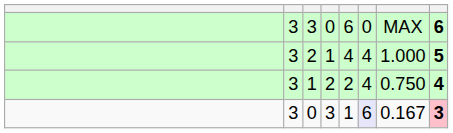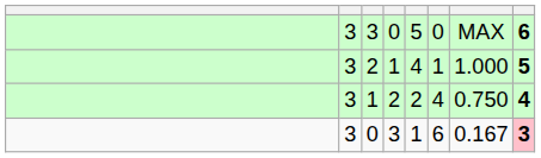 <table class="wikitable" style="text-align:center">
 <tr>
 <th width=240></th>
 <th width=5></th>
 <th width=5></th>
 <th width=5></th>
 <th width=5></th>
 <th width=5></th>
 <th width=5></th>
 <th width=5></th>
 </tr>
 <tr style="background-color:#ccffcc;">
 <td style="text-align:left;"></td>
 <td>3</td>
 <td>3</td>
 <td>0</td>
-<td>6</td>
+<td>5</td>
 <td>0</td>
 <td>MAX</td>
 <td><strong>6</strong></td>
 </tr>
 <tr style="background-color:#ccffcc;">
 <td style="text-align:left;"></td>
 <td>3</td>
 <td>2</td>
 <td>1</td>
 <td>4</td>
-<td>4</td>
+<td>1</td>
 <td>1.000</td>
 <td><strong>5</strong></td>
 </tr>
 <tr style="background-color:#ccffcc;">
 <td style="text-align:left;"></td>
 <td>3</td>
 <td>1</td>
 <td>2</td>
 <td>2</td>
 <td>4</td>
 <td>0.750</td>
 <td><strong>4</strong></td>
 </tr>
 <tr>
 <td style="text-align:left;"></td>
 <td>3</td>
 <td>0</td>
 <td>3</td>
 <td>1</td>
-<td style="background: lavender;">6</td>
+<td>6</td>
 <td>0.167</td>
 <td style="background: pink;"><strong>3</strong></td>
 </tr>
 </table>
